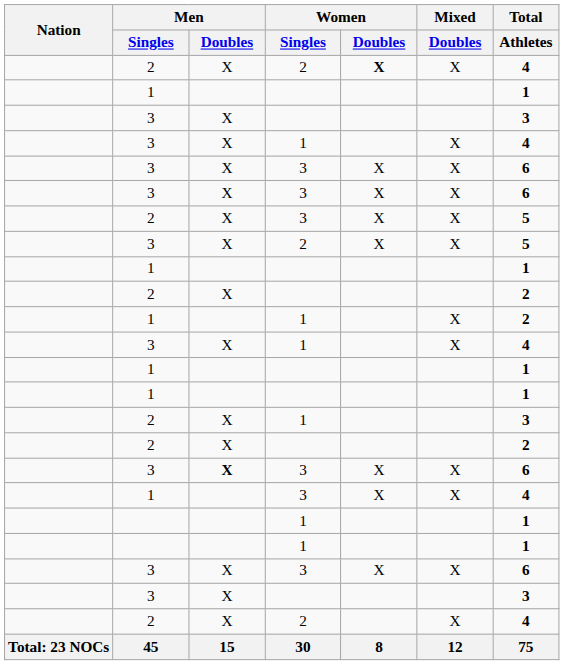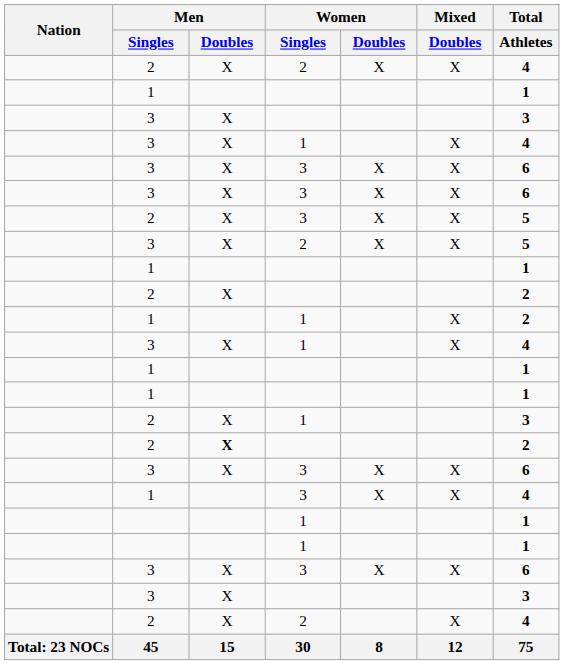 <table class="wikitable" style="text-align:center; font-size:90%">
 <tr>
 <th rowspan="2" align="left">Nation</th>
 <th colspan="2">Men</th>
 <th colspan="2">Women</th>
 <th>Mixed</th>
 <th>Total</th>
 </tr>
 <tr>
 <th width=65><a href='#'>Singles</a></th>
 <th width=65><a href='#'>Doubles</a></th>
 <th width=65><a href='#'>Singles</a></th>
 <th width=65><a href='#'>Doubles</a></th>
 <th width=65><a href='#'>Doubles</a></th>
 <th width=55>Athletes</th>
 </tr>
 <tr>
 <td align=left></td>
 <td>2</td>
 <td>X</td>
 <td>2</td>
-<td><strong>X</strong></td>
+<td>X</td>
 <td>X</td>
 <td><strong>4</strong></td>
 </tr>
 <tr>
 <td align=left></td>
 <td>1</td>
 <td></td>
 <td></td>
 <td></td>
 <td></td>
 <td><strong>1</strong></td>
 </tr>
 <tr>
 <td align=left></td>
 <td>3</td>
 <td>X</td>
 <td></td>
 <td></td>
 <td></td>
 <td><strong>3</strong></td>
 </tr>
 <tr>
 <td align=left></td>
 <td>3</td>
 <td>X</td>
 <td>1</td>
 <td></td>
 <td>X</td>
 <td><strong>4</strong></td>
 </tr>
 <tr>
 <td align=left></td>
 <td>3</td>
 <td>X</td>
 <td>3</td>
 <td>X</td>
 <td>X</td>
 <td><strong>6</strong></td>
 </tr>
 <tr>
 <td align=left></td>
 <td>3</td>
 <td>X</td>
 <td>3</td>
 <td>X</td>
 <td>X</td>
 <td><strong>6</strong></td>
 </tr>
 <tr>
 <td align=left></td>
 <td>2</td>
 <td>X</td>
 <td>3</td>
 <td>X</td>
 <td>X</td>
 <td><strong>5</strong></td>
 </tr>
 <tr>
 <td align=left></td>
 <td>3</td>
 <td>X</td>
 <td>2</td>
 <td>X</td>
 <td>X</td>
 <td><strong>5</strong></td>
 </tr>
 <tr>
 <td align=left></td>
 <td>1</td>
 <td></td>
 <td></td>
 <td></td>
 <td></td>
 <td><strong>1</strong></td>
 </tr>
 <tr>
 <td align=left></td>
 <td>2</td>
 <td>X</td>
 <td></td>
 <td></td>
 <td></td>
 <td><strong>2</strong></td>
 </tr>
 <tr>
 <td align=left></td>
 <td>1</td>
 <td></td>
 <td>1</td>
 <td></td>
 <td>X</td>
 <td><strong>2</strong></td>
 </tr>
 <tr>
 <td align=left></td>
 <td>3</td>
 <td>X</td>
 <td>1</td>
 <td></td>
 <td>X</td>
 <td><strong>4</strong></td>
 </tr>
 <tr>
 <td align=left></td>
 <td>1</td>
 <td></td>
 <td></td>
 <td></td>
 <td></td>
 <td><strong>1</strong></td>
 </tr>
 <tr>
 <td align=left></td>
 <td>1</td>
 <td></td>
 <td></td>
 <td></td>
 <td></td>
 <td><strong>1</strong></td>
 </tr>
 <tr>
 <td align=left></td>
 <td>2</td>
 <td>X</td>
 <td>1</td>
 <td></td>
 <td></td>
 <td><strong>3</strong></td>
 </tr>
 <tr>
 <td align=left></td>
 <td>2</td>
-<td>X</td>
+<td><strong>X</strong></td>
 <td></td>
 <td></td>
 <td></td>
 <td><strong>2</strong></td>
 </tr>
 <tr>
 <td align=left></td>
 <td>3</td>
-<td><strong>X</strong></td>
+<td>X</td>
 <td>3</td>
 <td>X</td>
 <td>X</td>
 <td><strong>6</strong></td>
 </tr>
 <tr>
 <td align=left></td>
 <td>1</td>
 <td></td>
 <td>3</td>
 <td>X</td>
 <td>X</td>
 <td><strong>4</strong></td>
 </tr>
 <tr>
 <td align=left></td>
 <td></td>
 <td></td>
 <td>1</td>
 <td></td>
 <td></td>
 <td><strong>1</strong></td>
 </tr>
 <tr>
 <td align=left></td>
 <td></td>
 <td></td>
 <td>1</td>
 <td></td>
 <td></td>
 <td><strong>1</strong></td>
 </tr>
 <tr>
 <td align=left></td>
 <td>3</td>
 <td>X</td>
 <td>3</td>
 <td>X</td>
 <td>X</td>
 <td><strong>6</strong></td>
 </tr>
 <tr>
 <td align=left></td>
 <td>3</td>
 <td>X</td>
 <td></td>
 <td></td>
 <td></td>
 <td><strong>3</strong></td>
 </tr>
 <tr>
 <td align=left></td>
 <td>2</td>
 <td>X</td>
 <td>2</td>
 <td></td>
 <td>X</td>
 <td><strong>4</strong></td>
 </tr>
 <tr>
 <th>Total: 23 NOCs</th>
 <th>45</th>
 <th>15</th>
 <th>30</th>
 <th>8</th>
 <th>12</th>
 <th>75</th>
 </tr>
 </table>
